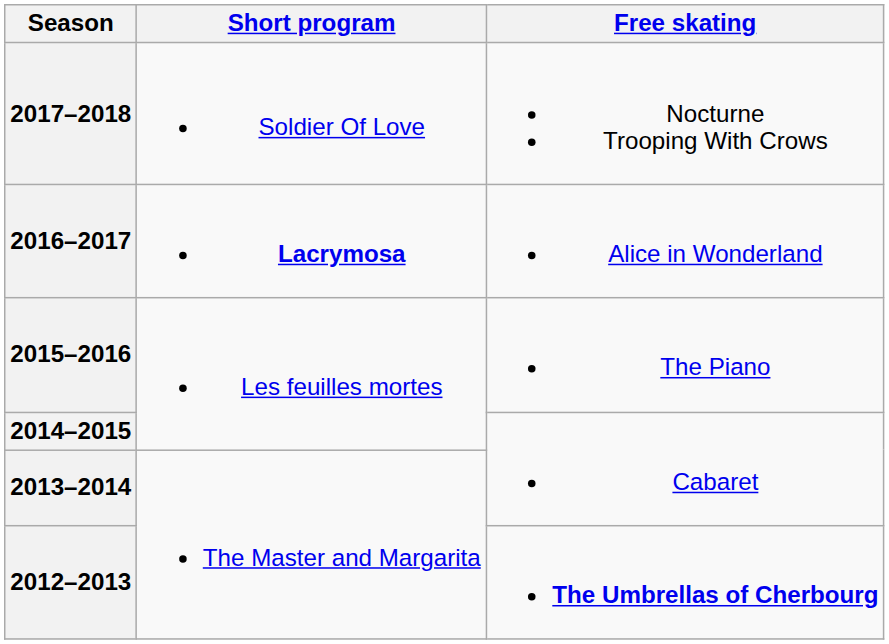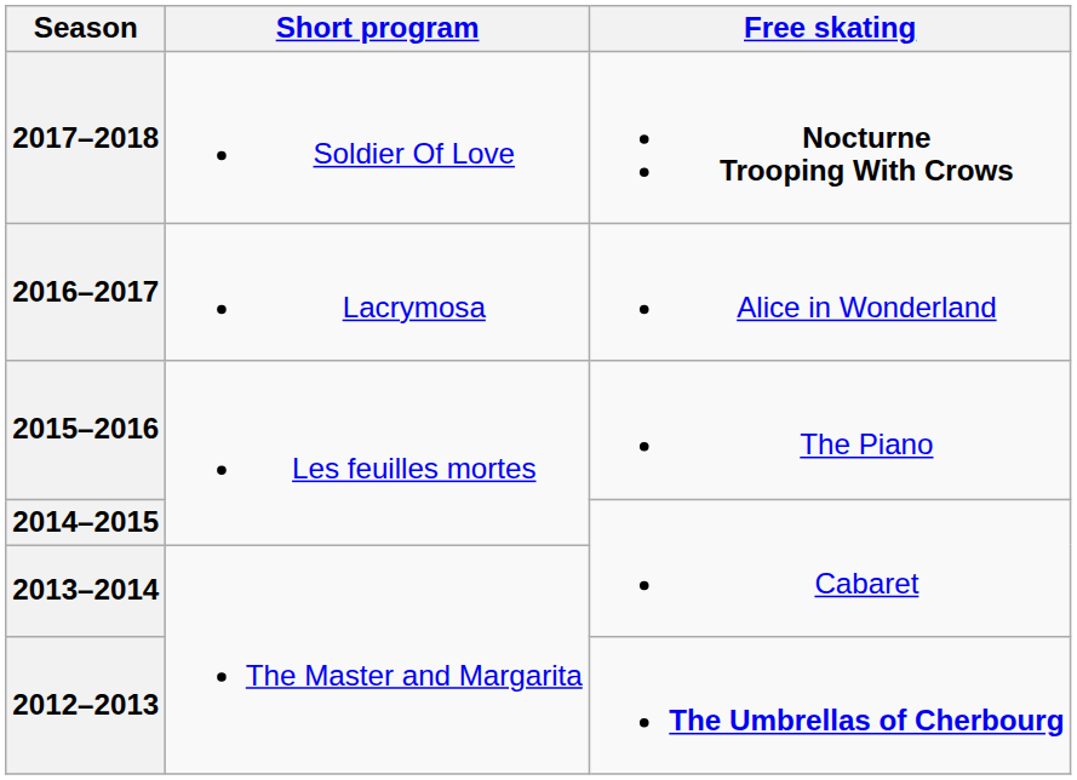 <table class=wikitable style=text-align:center>
 <tr>
 <th>Season</th>
 <th><a href='#'>Short program</a></th>
 <th><a href='#'>Free skating</a></th>
 </tr>
 <tr>
 <th>2017–2018 <br> </th>
 <td><br><ul><li><a href='#'>Soldier Of Love</a> <br></li></ul></td>
-<td><br><ul><li>Nocturne <br></li><li>Trooping With Crows <br></li></ul></td>
+<td><strong><br><ul><li>Nocturne <br></li><li>Trooping With Crows <br></li></ul></strong></td>
 </tr>
 <tr>
 <th>2016–2017 <br> </th>
-<td><strong><br><ul><li><a href='#'>Lacrymosa</a> <br></li></ul></strong></td>
+<td><br><ul><li><a href='#'>Lacrymosa</a> <br></li></ul></td>
 <td><br><ul><li><a href='#'>Alice in Wonderland</a> <br></li></ul></td>
 </tr>
 <tr>
 <th>2015–2016 <br> </th>
 <td rowspan=2><br><ul><li><a href='#'>Les feuilles mortes</a> <br></li></ul></td>
 <td><br><ul><li><a href='#'>The Piano</a> <br></li></ul></td>
 </tr>
 <tr>
 <th>2014–2015 <br> </th>
 <td rowspan=2><br><ul><li><a href='#'>Cabaret</a> <br></li></ul></td>
 </tr>
 <tr>
 <th>2013–2014</th>
 <td rowspan=2><br><ul><li><a href='#'>The Master and Margarita</a> <br></li></ul></td>
 </tr>
 <tr>
 <th>2012–2013</th>
 <td><strong><br><ul><li><a href='#'>The Umbrellas of Cherbourg</a> <br></li></ul></strong></td>
 </tr>
 </table>
